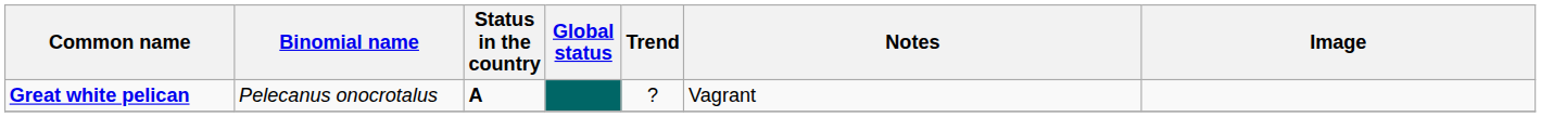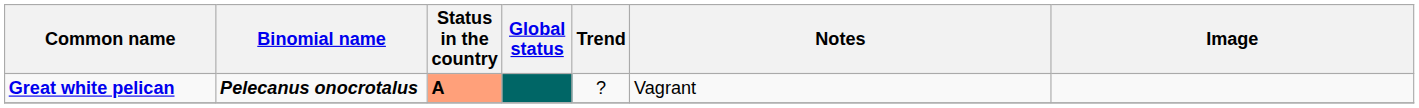 <table class="wikitable sortable">
 <tr>
 <th width="15%">Common name</th>
 <th width="15%"><a href='#'>Binomial name</a></th>
 <th data-sort-type="number" width="1%">Status in the country</th>
 <th width="5%"><a href='#'>Global status</a></th>
 <th width="1%">Trend</th>
 <th class="unsortable">Notes</th>
 <th class="unsortable">Image</th>
 </tr>
 <tr>
 <td><strong><a href='#'>Great white pelican</a></strong></td>
-<td><em>Pelecanus onocrotalus</em></td>
-<td><strong>A</strong></td>
+<td><strong><em>Pelecanus onocrotalus</em></strong></td>
+<td style="background: lightsalmon;"><strong>A</strong></td>
 <td align=center style="background: #006666"></td>
 <td align=center>?</td>
 <td>Vagrant</td>
 <td></td>
 </tr>
 <tr>
 </tr>
 </table>
